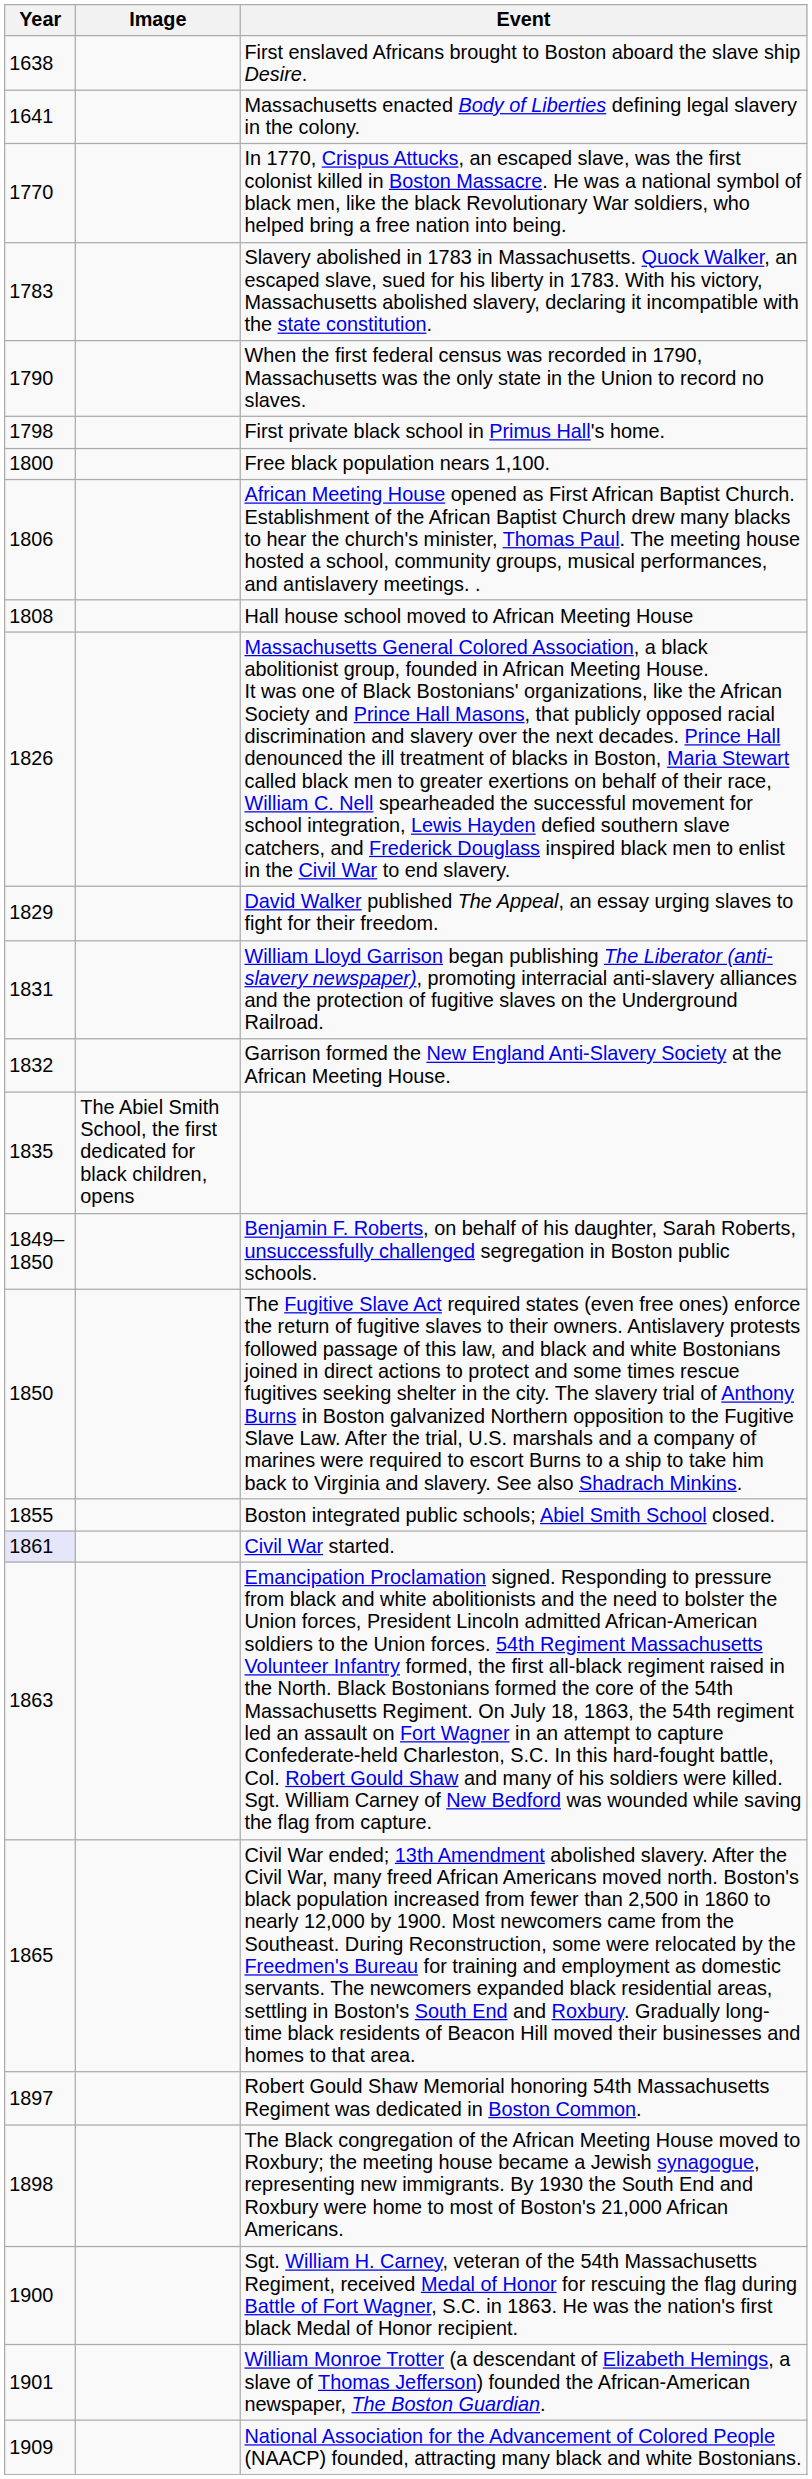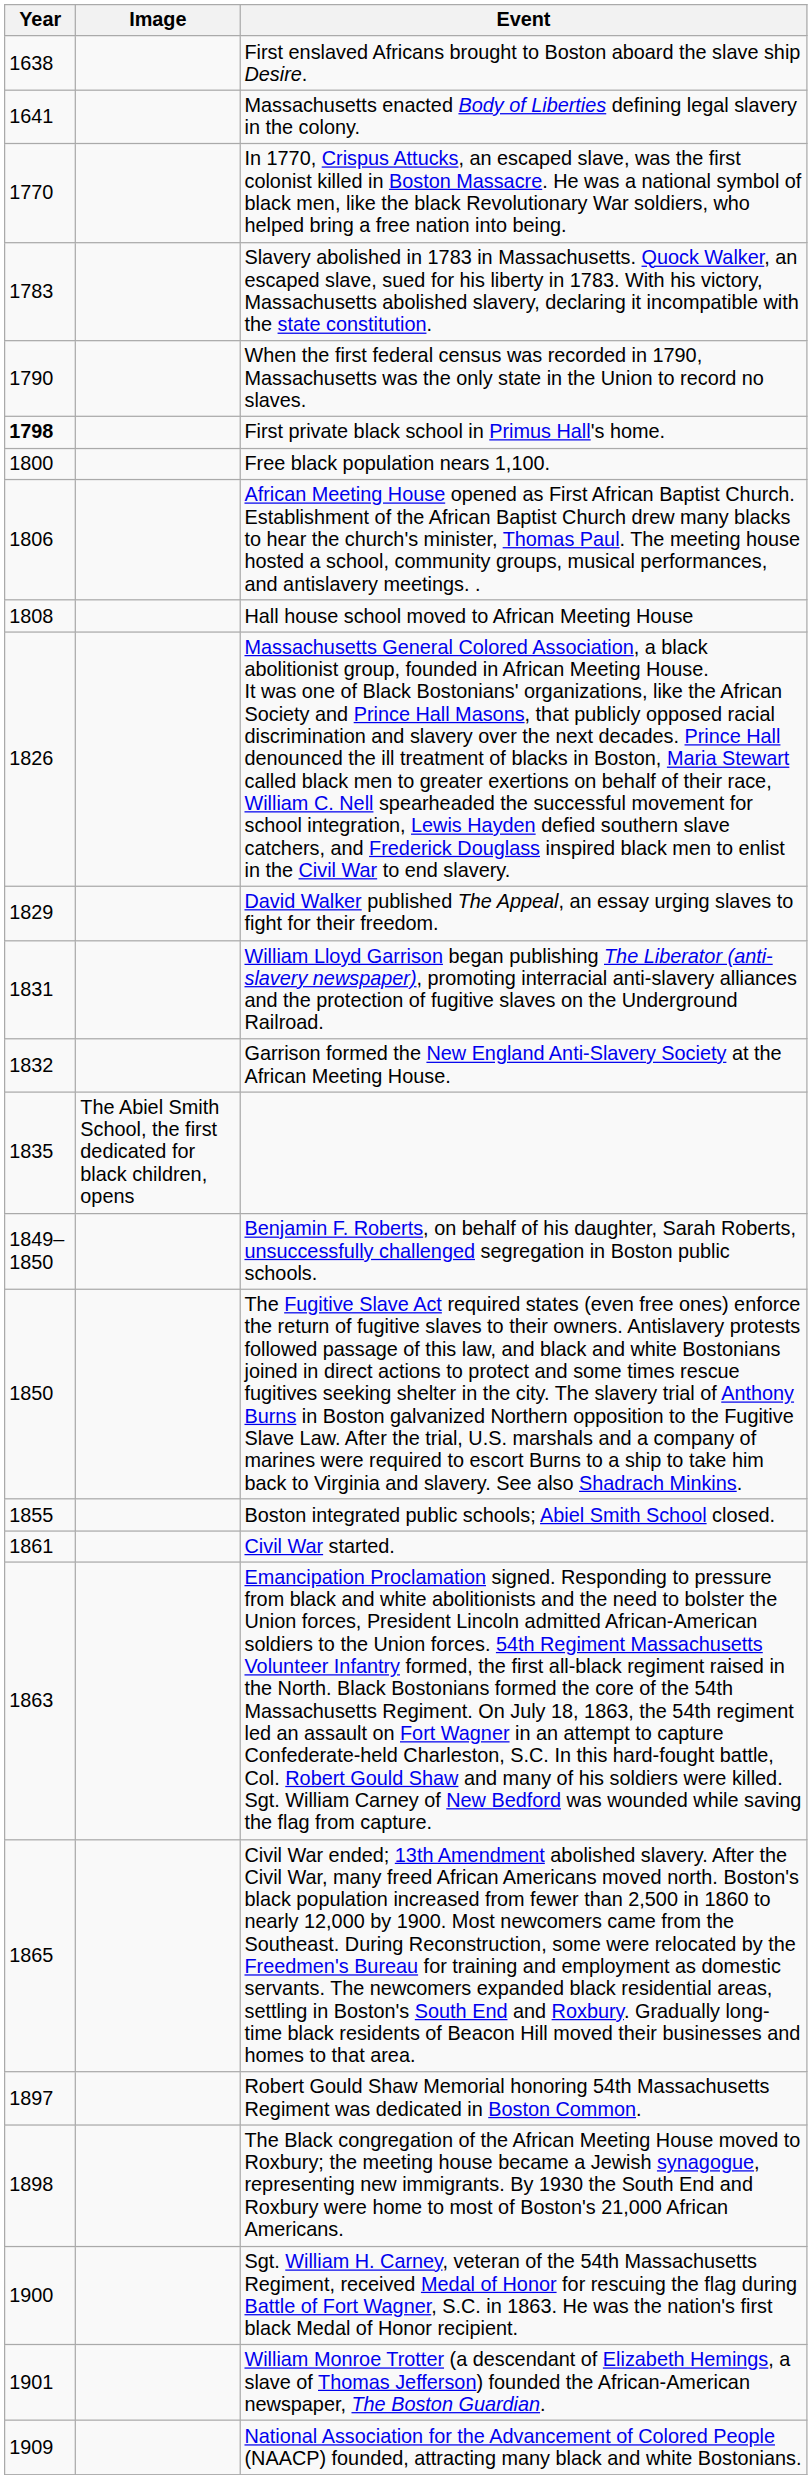 <table class="wikitable sortable">
 <tr>
 <th scope="col" style="width:50px;">Year</th>
 <th scope="col" style="width:125px;">Image</th>
 <th scope="col" style="width:450px;">Event</th>
 </tr>
 <tr>
 <td>1638</td>
 <td></td>
 <td>First enslaved Africans brought to Boston aboard the slave ship <em>Desire</em>.</td>
 </tr>
 <tr>
 <td>1641</td>
 <td></td>
 <td>Massachusetts enacted <em><a href='#'>Body of Liberties</a></em> defining legal slavery in the colony.</td>
 </tr>
 <tr>
 <td>1770</td>
 <td></td>
 <td>In 1770, <a href='#'>Crispus Attucks</a>, an escaped slave, was the first colonist killed in <a href='#'>Boston Massacre</a>. He was a national symbol of black men, like the black Revolutionary War soldiers, who helped bring a free nation into being.</td>
 </tr>
 <tr>
 <td>1783</td>
 <td></td>
 <td>Slavery abolished in 1783 in Massachusetts. <a href='#'>Quock Walker</a>, an escaped slave, sued for his liberty in 1783. With his victory, Massachusetts abolished slavery, declaring it incompatible with the <a href='#'>state constitution</a>.</td>
 </tr>
 <tr>
 <td>1790</td>
 <td></td>
 <td>When the first federal census was recorded in 1790, Massachusetts was the only state in the Union to record no slaves.</td>
 </tr>
 <tr>
-<td>1798</td>
+<td><strong>1798</strong></td>
 <td></td>
 <td>First private black school in <a href='#'>Primus Hall</a>'s home.</td>
 </tr>
 <tr>
 <td>1800</td>
 <td></td>
 <td>Free black population nears 1,100.</td>
 </tr>
 <tr>
 <td>1806</td>
 <td></td>
 <td><a href='#'>African Meeting House</a> opened as First African Baptist Church. Establishment of the African Baptist Church drew many blacks to hear the church's minister, <a href='#'>Thomas Paul</a>. The meeting house hosted a school, community groups, musical performances, and antislavery meetings. .</td>
 </tr>
 <tr>
 <td>1808</td>
 <td></td>
 <td>Hall house school moved to African Meeting House</td>
 </tr>
 <tr>
 <td>1826</td>
 <td></td>
 <td><a href='#'>Massachusetts General Colored Association</a>, a black abolitionist group, founded in African Meeting House.<br>It was one of Black Bostonians' organizations, like the African Society and <a href='#'>Prince Hall Masons</a>, that publicly opposed racial discrimination and slavery over the next decades. <a href='#'>Prince Hall</a> denounced the ill treatment of blacks in Boston, <a href='#'>Maria Stewart</a> called black men to greater exertions on behalf of their race, <a href='#'>William C. Nell</a> spearheaded the successful movement for school integration, <a href='#'>Lewis Hayden</a> defied southern slave catchers, and <a href='#'>Frederick Douglass</a> inspired black men to enlist in the <a href='#'>Civil War</a> to end slavery.</td>
 </tr>
 <tr>
 <td>1829</td>
 <td></td>
 <td><a href='#'>David Walker</a> published <em>The Appeal</em>, an essay urging slaves to fight for their freedom.</td>
 </tr>
 <tr>
 <td>1831</td>
 <td></td>
 <td><a href='#'>William Lloyd Garrison</a> began publishing <em><a href='#'>The Liberator (anti-slavery newspaper)</a></em>, promoting interracial anti-slavery alliances and the protection of fugitive slaves on the Underground Railroad.</td>
 </tr>
 <tr>
 <td>1832</td>
 <td></td>
 <td>Garrison formed the <a href='#'>New England Anti-Slavery Society</a> at the African Meeting House.</td>
 </tr>
 <tr>
 <td>1835</td>
 <td>The Abiel Smith School, the first dedicated for black children, opens</td>
 </tr>
 <tr>
 <td>1849–1850</td>
 <td></td>
 <td><a href='#'>Benjamin F. Roberts</a>, on behalf of his daughter, Sarah Roberts, <a href='#'>unsuccessfully challenged</a> segregation in Boston public schools.</td>
 </tr>
 <tr>
 <td>1850</td>
 <td></td>
 <td>The <a href='#'>Fugitive Slave Act</a> required states (even free ones) enforce the return of fugitive slaves to their owners. Antislavery protests followed passage of this law, and black and white Bostonians joined in direct actions to protect and some times rescue fugitives seeking shelter in the city. The slavery trial of <a href='#'>Anthony Burns</a> in Boston galvanized Northern opposition to the Fugitive Slave Law. After the trial, U.S. marshals and a company of marines were required to escort Burns to a ship to take him back to Virginia and slavery. See also <a href='#'>Shadrach Minkins</a>.</td>
 </tr>
 <tr>
 <td>1855</td>
 <td></td>
 <td>Boston integrated public schools; <a href='#'>Abiel Smith School</a> closed.</td>
 </tr>
 <tr>
-<td style="background: lavender;">1861</td>
+<td>1861</td>
 <td></td>
 <td><a href='#'>Civil War</a> started.</td>
 </tr>
 <tr>
 <td>1863</td>
 <td></td>
 <td><a href='#'>Emancipation Proclamation</a> signed.  Responding to pressure from black and white abolitionists and the need to bolster the Union forces, President Lincoln admitted African-American soldiers to the Union forces. <a href='#'>54th Regiment Massachusetts Volunteer Infantry</a> formed, the first all-black regiment raised in the North. Black Bostonians formed the core of the 54th Massachusetts Regiment. On July 18, 1863, the 54th regiment led an assault on <a href='#'>Fort Wagner</a> in an attempt to capture Confederate-held Charleston, S.C. In this hard-fought battle, Col. <a href='#'>Robert Gould Shaw</a> and many of his soldiers were killed. Sgt. William Carney of <a href='#'>New Bedford</a> was wounded while saving the flag from capture.</td>
 </tr>
 <tr>
 <td>1865</td>
 <td></td>
 <td>Civil War ended; <a href='#'>13th Amendment</a> abolished slavery. After the Civil War, many freed African Americans moved north. Boston's black population increased from fewer than 2,500 in 1860 to nearly 12,000 by 1900. Most newcomers came from the Southeast. During Reconstruction, some were relocated by the <a href='#'>Freedmen's Bureau</a> for training and employment as domestic servants. The newcomers expanded black residential areas, settling in Boston's <a href='#'>South End</a> and <a href='#'>Roxbury</a>. Gradually long-time black residents of Beacon Hill moved their businesses and homes to that area.</td>
 </tr>
 <tr>
 <td>1897</td>
 <td></td>
 <td>Robert Gould Shaw Memorial honoring 54th Massachusetts Regiment was dedicated in <a href='#'>Boston Common</a>.</td>
 </tr>
 <tr>
 <td>1898</td>
 <td></td>
 <td>The Black congregation of the African Meeting House moved to Roxbury; the meeting house became a Jewish <a href='#'>synagogue</a>, representing new immigrants. By 1930 the South End and Roxbury were home to most of Boston's 21,000 African Americans.</td>
 </tr>
 <tr>
 <td>1900</td>
 <td></td>
 <td>Sgt. <a href='#'>William H. Carney</a>, veteran of the 54th Massachusetts Regiment, received <a href='#'>Medal of Honor</a> for rescuing the flag during <a href='#'>Battle of Fort Wagner</a>, S.C. in 1863.  He was the nation's first black Medal of Honor recipient.</td>
 </tr>
 <tr>
 <td>1901</td>
 <td></td>
 <td><a href='#'>William Monroe Trotter</a> (a descendant of <a href='#'>Elizabeth Hemings</a>, a slave of <a href='#'>Thomas Jefferson</a>) founded the African-American newspaper, <em><a href='#'>The Boston Guardian</a></em>.</td>
 </tr>
 <tr>
 <td>1909</td>
 <td></td>
 <td><a href='#'>National Association for the Advancement of Colored People</a> (NAACP) founded, attracting many black and white Bostonians.</td>
 </tr>
 </table>
